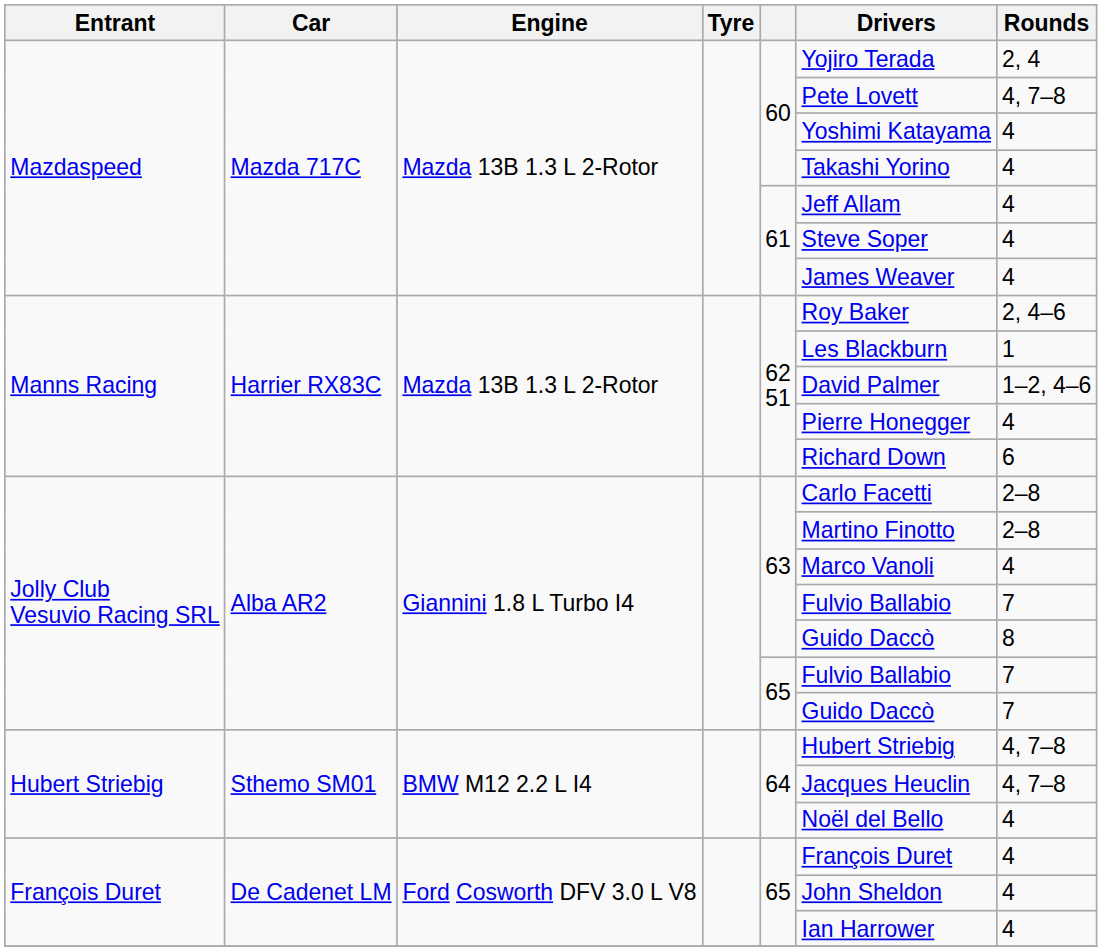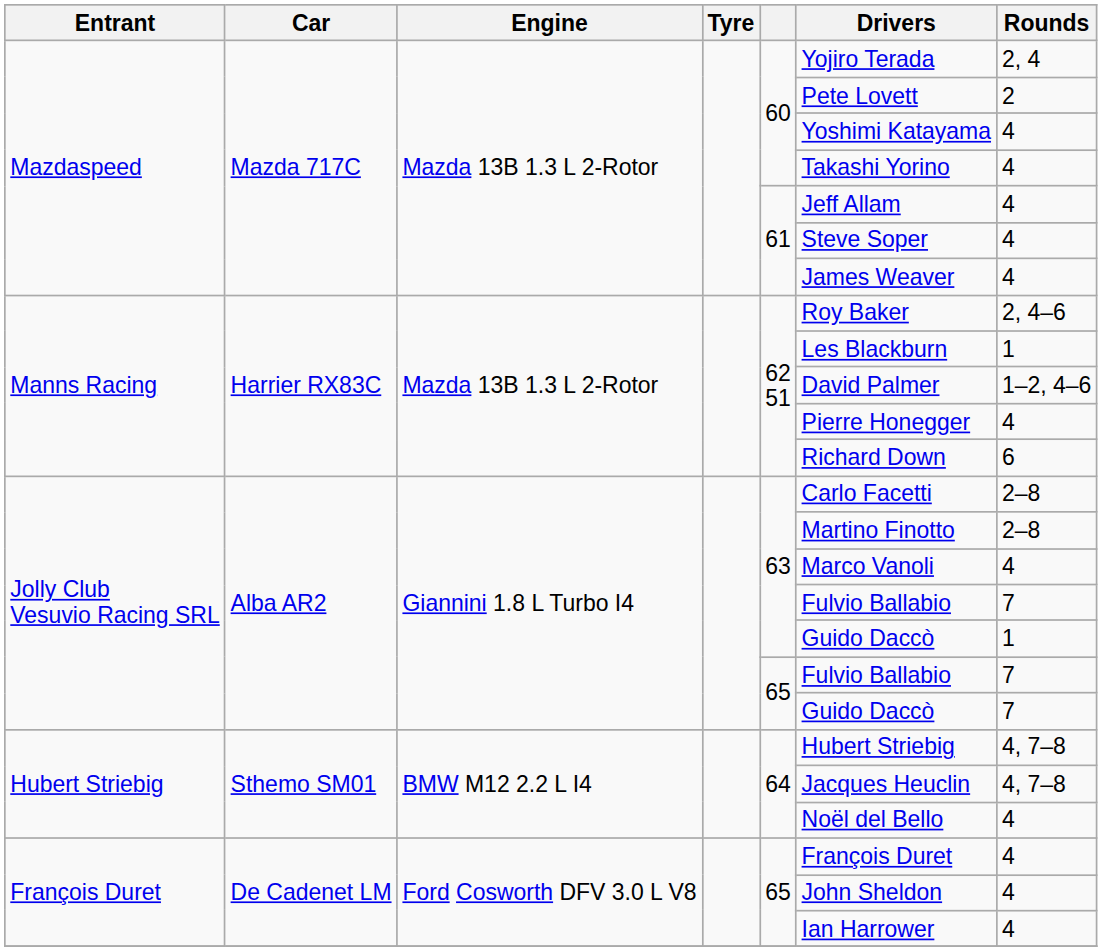 <table class="wikitable" style="font-size: 85%">
 <tr>
 <th>Entrant</th>
 <th>Car</th>
 <th>Engine</th>
 <th>Tyre</th>
 <th></th>
 <th>Drivers</th>
 <th>Rounds</th>
 </tr>
 <tr>
 <td rowspan=7> <a href='#'>Mazdaspeed</a></td>
 <td rowspan=7><a href='#'>Mazda 717C</a></td>
 <td rowspan=7><a href='#'>Mazda</a> 13B 1.3 L 2-Rotor</td>
 <td rowspan=7></td>
 <td rowspan=4>60</td>
 <td> <a href='#'>Yojiro Terada</a></td>
 <td>2, 4</td>
 </tr>
 <tr>
 <td> <a href='#'>Pete Lovett</a></td>
-<td>4, 7–8</td>
+<td>2</td>
 </tr>
 <tr>
 <td> <a href='#'>Yoshimi Katayama</a></td>
 <td>4</td>
 </tr>
 <tr>
 <td> <a href='#'>Takashi Yorino</a></td>
 <td>4</td>
 </tr>
 <tr>
 <td rowspan=3>61</td>
 <td> <a href='#'>Jeff Allam</a></td>
 <td>4</td>
 </tr>
 <tr>
 <td> <a href='#'>Steve Soper</a></td>
 <td>4</td>
 </tr>
 <tr>
 <td> <a href='#'>James Weaver</a></td>
 <td>4</td>
 </tr>
 <tr>
 <td rowspan=5> <a href='#'>Manns Racing</a></td>
 <td rowspan=5><a href='#'>Harrier RX83C</a></td>
 <td rowspan=5><a href='#'>Mazda</a> 13B 1.3 L 2-Rotor</td>
 <td rowspan=5></td>
 <td rowspan=5>62<br>51</td>
 <td> <a href='#'>Roy Baker</a></td>
 <td>2, 4–6</td>
 </tr>
 <tr>
 <td> <a href='#'>Les Blackburn</a></td>
 <td>1</td>
 </tr>
 <tr>
 <td> <a href='#'>David Palmer</a></td>
 <td>1–2, 4–6</td>
 </tr>
 <tr>
 <td> <a href='#'>Pierre Honegger</a></td>
 <td>4</td>
 </tr>
 <tr>
 <td> <a href='#'>Richard Down</a></td>
 <td>6</td>
 </tr>
 <tr>
 <td rowspan=7> <a href='#'>Jolly Club</a><br> <a href='#'>Vesuvio Racing SRL</a></td>
 <td rowspan=7><a href='#'>Alba AR2</a></td>
 <td rowspan=7><a href='#'>Giannini</a> 1.8 L Turbo I4</td>
 <td rowspan=7></td>
 <td rowspan=5>63</td>
 <td> <a href='#'>Carlo Facetti</a></td>
 <td>2–8</td>
 </tr>
 <tr>
 <td> <a href='#'>Martino Finotto</a></td>
 <td>2–8</td>
 </tr>
 <tr>
 <td> <a href='#'>Marco Vanoli</a></td>
 <td>4</td>
 </tr>
 <tr>
 <td> <a href='#'>Fulvio Ballabio</a></td>
 <td>7</td>
 </tr>
 <tr>
 <td> <a href='#'>Guido Daccò</a></td>
-<td>8</td>
+<td>1</td>
 </tr>
 <tr>
 <td rowspan=2>65</td>
 <td> <a href='#'>Fulvio Ballabio</a></td>
 <td>7</td>
 </tr>
 <tr>
 <td> <a href='#'>Guido Daccò</a></td>
 <td>7</td>
 </tr>
 <tr>
 <td rowspan=3> <a href='#'>Hubert Striebig</a></td>
 <td rowspan=3><a href='#'>Sthemo SM01</a></td>
 <td rowspan=3><a href='#'>BMW</a> M12 2.2 L I4</td>
 <td rowspan=3></td>
 <td rowspan=3>64</td>
 <td> <a href='#'>Hubert Striebig</a></td>
 <td>4, 7–8</td>
 </tr>
 <tr>
 <td> <a href='#'>Jacques Heuclin</a></td>
 <td>4, 7–8</td>
 </tr>
 <tr>
 <td> <a href='#'>Noël del Bello</a></td>
 <td>4</td>
 </tr>
 <tr>
 <td rowspan=3> <a href='#'>François Duret</a></td>
 <td rowspan=3><a href='#'>De Cadenet LM</a></td>
 <td rowspan=3><a href='#'>Ford</a> <a href='#'>Cosworth</a> DFV 3.0 L V8</td>
 <td rowspan=3></td>
 <td rowspan=3>65</td>
 <td> <a href='#'>François Duret</a></td>
 <td>4</td>
 </tr>
 <tr>
 <td> <a href='#'>John Sheldon</a></td>
 <td>4</td>
 </tr>
 <tr>
 <td> <a href='#'>Ian Harrower</a></td>
 <td>4</td>
 </tr>
 <tr>
 </tr>
 </table>
